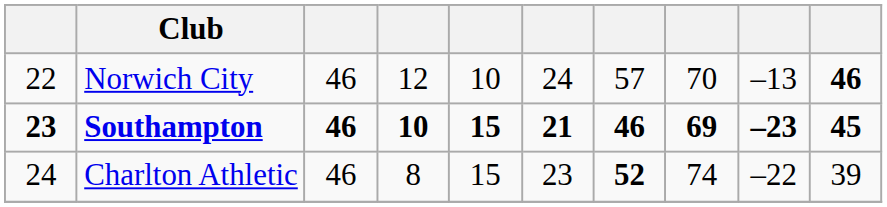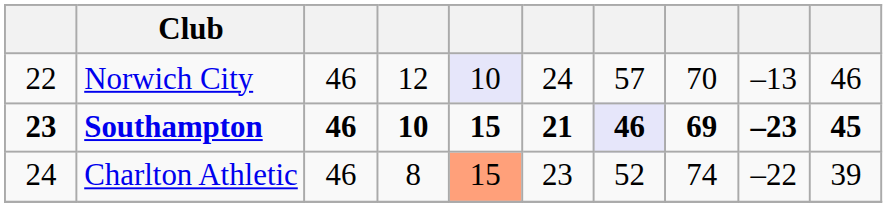 <table class="wikitable" style="text-align:center">
 <tr>
 <th width=30></th>
 <th>Club</th>
 <th width=30></th>
 <th width=30></th>
 <th width=30></th>
 <th width=30></th>
 <th width=30></th>
 <th width=30></th>
 <th width=30></th>
 <th width=30></th>
 </tr>
 <tr>
 <td>22</td>
 <td align=left><a href='#'>Norwich City</a></td>
 <td>46</td>
 <td>12</td>
-<td>10</td>
+<td style="background: lavender;">10</td>
 <td>24</td>
 <td>57</td>
 <td>70</td>
 <td>–13</td>
-<td><strong>46</strong></td>
+<td>46</td>
 </tr>
 <tr>
 <td><strong>23</strong></td>
 <td align=left><strong><a href='#'>Southampton</a></strong></td>
 <td><strong>46</strong></td>
 <td><strong>10</strong></td>
 <td><strong>15</strong></td>
 <td><strong>21</strong></td>
-<td><strong>46</strong></td>
+<td style="background: lavender;"><strong>46</strong></td>
 <td><strong>69</strong></td>
 <td><strong>–23</strong></td>
 <td><strong>45</strong></td>
 </tr>
 <tr>
 <td>24</td>
 <td align=left><a href='#'>Charlton Athletic</a></td>
 <td>46</td>
 <td>8</td>
-<td>15</td>
+<td style="background: lightsalmon;">15</td>
 <td>23</td>
-<td><strong>52</strong></td>
+<td>52</td>
 <td>74</td>
 <td>–22</td>
 <td>39</td>
 </tr>
 <tr>
 </tr>
 </table>
